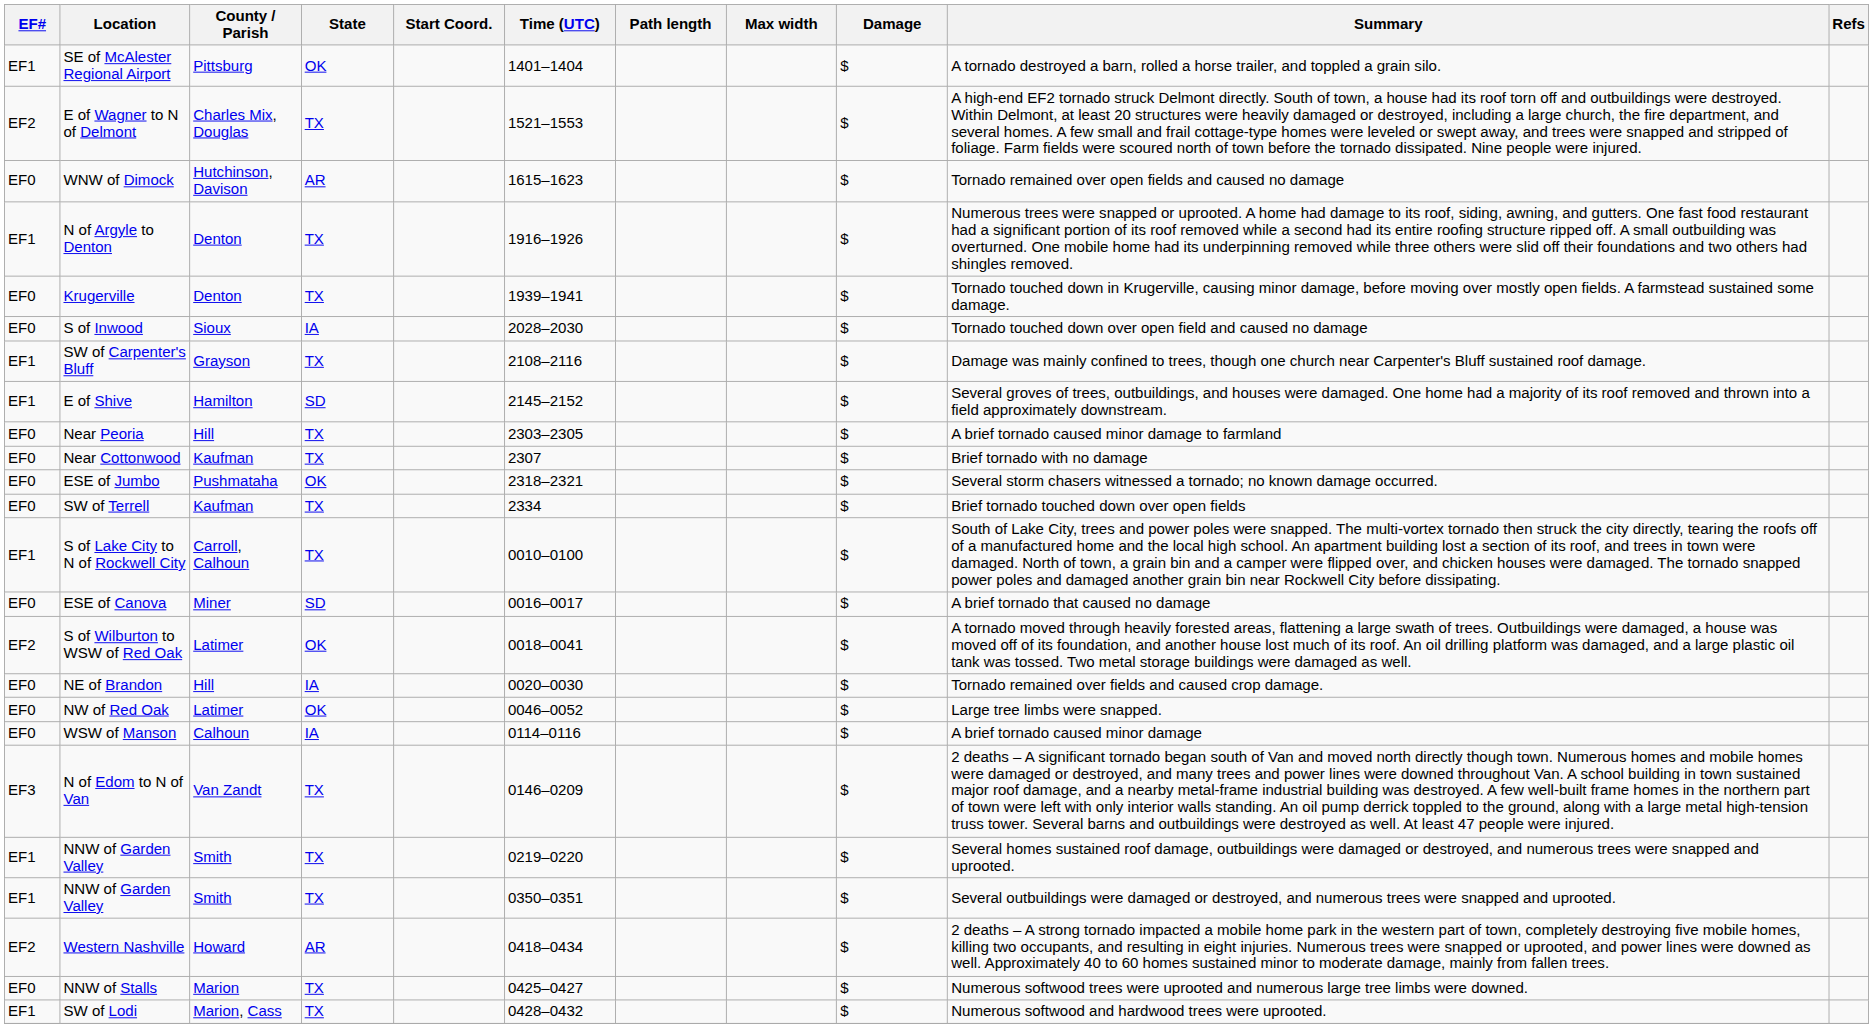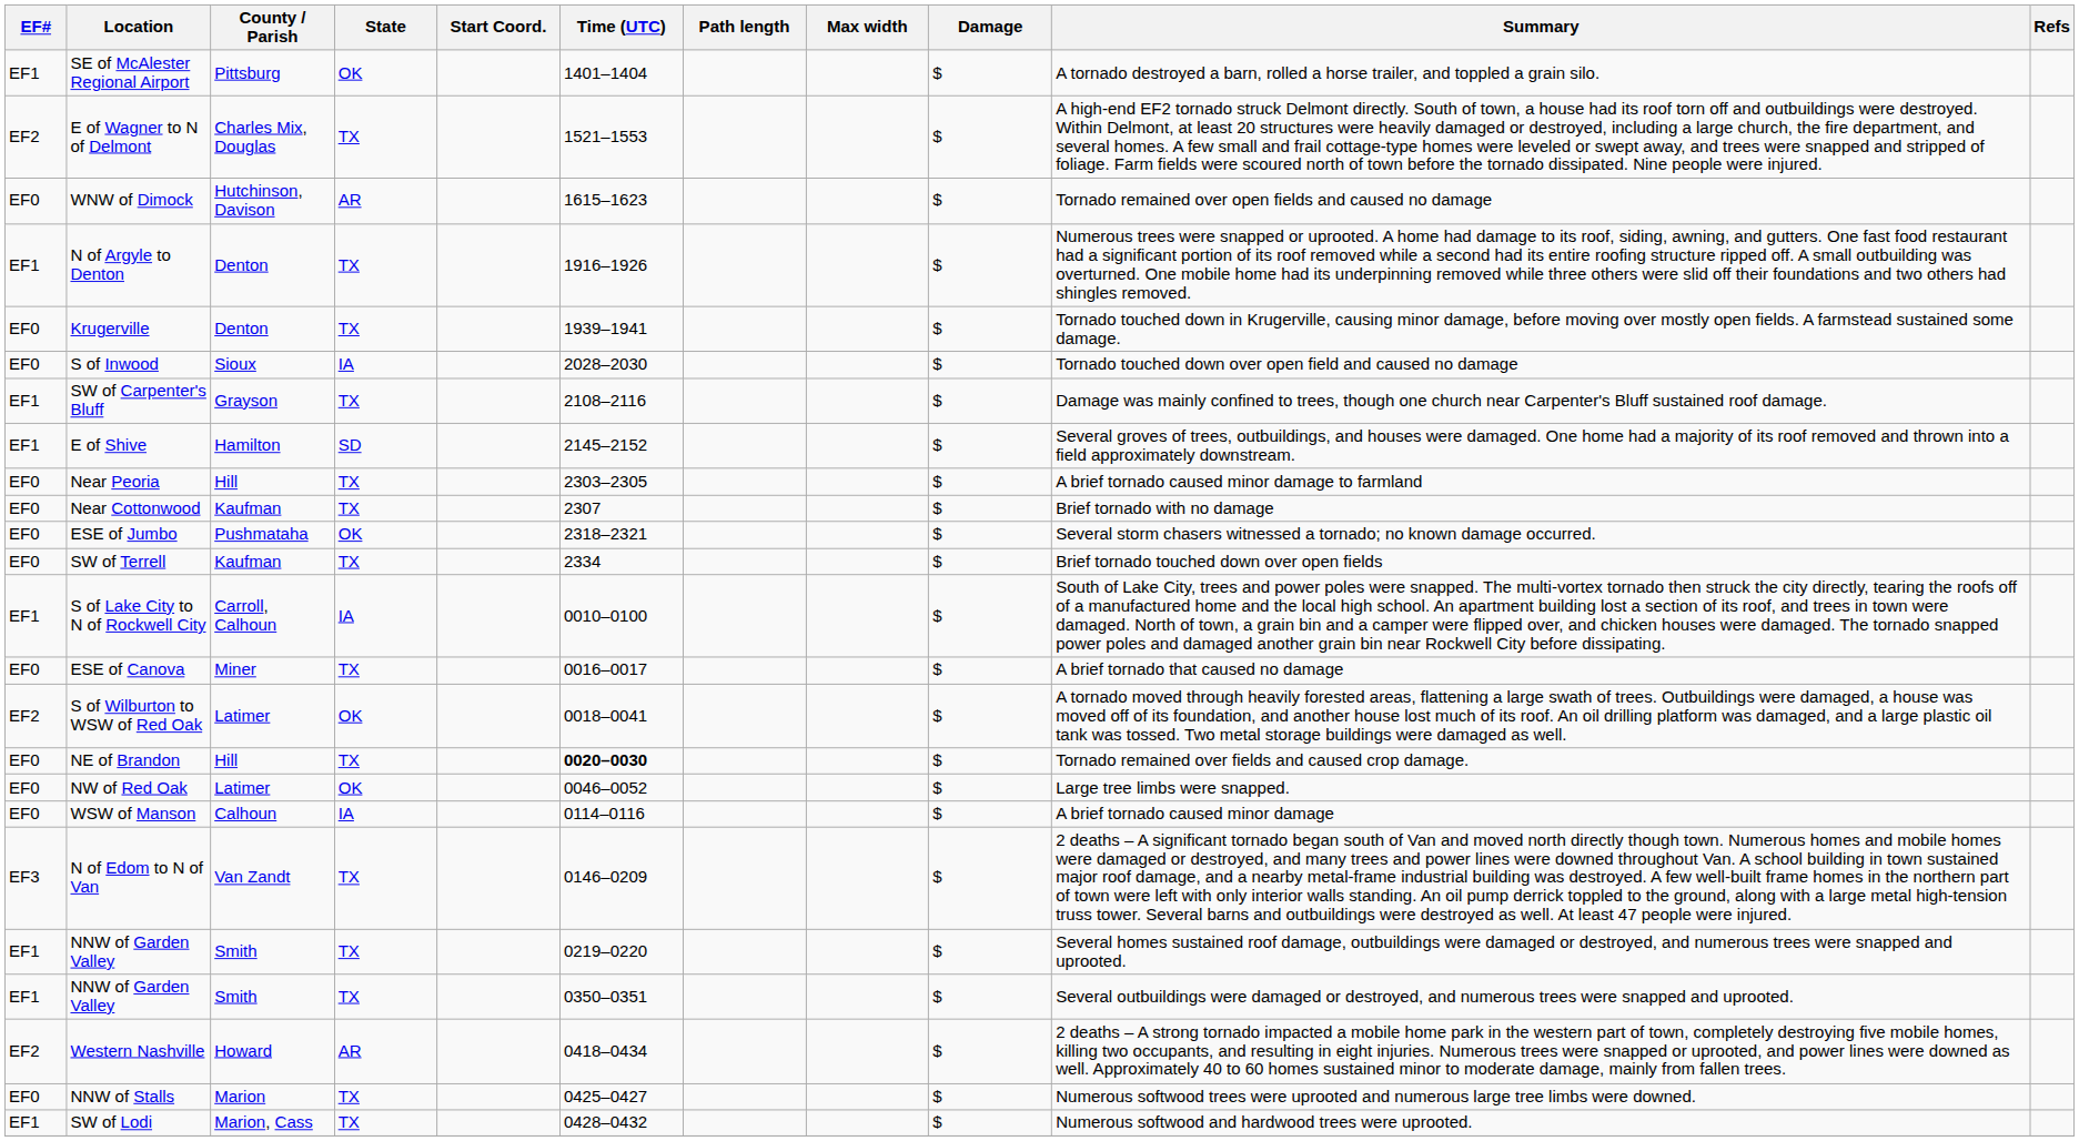 <table class="wikitable sortable" style="width:100%;">
 <tr>
 <th scope="col" width="3%" align="center"><a href='#'>EF#</a></th>
 <th scope="col" width="7%" align="center" class="unsortable">Location</th>
 <th scope="col" width="6%" align="center" class="unsortable">County / Parish</th>
 <th scope="col" width="5%" align="center">State</th>
 <th scope="col" width="6%" align="center">Start Coord.</th>
 <th scope="col" width="6%" align="center">Time (<a href='#'>UTC</a>)</th>
 <th scope="col" width="6%" align="center">Path length</th>
 <th scope="col" width="6%" align="center">Max width</th>
 <th scope="col" width="6%" align="center">Damage</th>
 <th scope="col" width="48%" class="unsortable" align="center">Summary</th>
 <th scope="col" width="48%" class="unsortable" align="center">Refs</th>
 </tr>
 <tr>
 <td>EF1</td>
 <td>SE of <a href='#'>McAlester Regional Airport</a></td>
 <td><a href='#'>Pittsburg</a></td>
 <td><a href='#'>OK</a></td>
 <td></td>
 <td>1401–1404</td>
 <td></td>
 <td></td>
 <td>$</td>
 <td>A tornado destroyed a barn, rolled a horse trailer, and toppled a grain silo.</td>
 <td></td>
 </tr>
 <tr>
 <td>EF2</td>
 <td>E of <a href='#'>Wagner</a> to N of <a href='#'>Delmont</a></td>
 <td><a href='#'>Charles Mix</a>, <a href='#'>Douglas</a></td>
 <td><a href='#'>TX</a></td>
 <td></td>
 <td>1521–1553</td>
 <td></td>
 <td></td>
 <td>$</td>
 <td>A high-end EF2 tornado struck Delmont directly. South of town, a house had its roof torn off and outbuildings were destroyed. Within Delmont, at least 20 structures were heavily damaged or destroyed, including a large church, the fire department, and several homes. A few small and frail cottage-type homes were leveled or swept away, and trees were snapped and stripped of foliage. Farm fields were scoured north of town before the tornado dissipated. Nine people were injured.</td>
 <td><br></td>
 </tr>
 <tr>
 <td>EF0</td>
 <td>WNW of <a href='#'>Dimock</a></td>
 <td><a href='#'>Hutchinson</a>, <a href='#'>Davison</a></td>
 <td><a href='#'>AR</a></td>
 <td></td>
 <td>1615–1623</td>
 <td></td>
 <td></td>
 <td>$</td>
 <td>Tornado remained over open fields and caused no damage</td>
 <td><br></td>
 </tr>
 <tr>
 <td>EF1</td>
 <td>N of <a href='#'>Argyle</a> to <a href='#'>Denton</a></td>
 <td><a href='#'>Denton</a></td>
 <td><a href='#'>TX</a></td>
 <td></td>
 <td>1916–1926</td>
 <td></td>
 <td></td>
 <td>$</td>
 <td>Numerous trees were snapped or uprooted. A home had damage to its roof, siding, awning, and gutters. One fast food restaurant had a significant portion of its roof removed while a second had its entire roofing structure ripped off. A small outbuilding was overturned. One mobile home had its underpinning removed while three others were slid off their foundations and two others had shingles removed.</td>
 <td><br></td>
 </tr>
 <tr>
 <td>EF0</td>
 <td><a href='#'>Krugerville</a></td>
 <td><a href='#'>Denton</a></td>
 <td><a href='#'>TX</a></td>
 <td></td>
 <td>1939–1941</td>
 <td></td>
 <td></td>
 <td>$</td>
 <td>Tornado touched down in Krugerville, causing minor damage, before moving over mostly open fields. A farmstead sustained some damage.</td>
 <td></td>
 </tr>
 <tr>
 <td>EF0</td>
 <td>S of <a href='#'>Inwood</a></td>
 <td><a href='#'>Sioux</a></td>
 <td><a href='#'>IA</a></td>
 <td></td>
 <td>2028–2030</td>
 <td></td>
 <td></td>
 <td>$</td>
 <td>Tornado touched down over open field and caused no damage</td>
 <td></td>
 </tr>
 <tr>
 <td>EF1</td>
 <td>SW of <a href='#'>Carpenter's Bluff</a></td>
 <td><a href='#'>Grayson</a></td>
 <td><a href='#'>TX</a></td>
 <td></td>
 <td>2108–2116</td>
 <td></td>
 <td></td>
 <td>$</td>
 <td>Damage was mainly confined to trees, though one church near Carpenter's Bluff sustained roof damage.</td>
 <td></td>
 </tr>
 <tr>
 <td>EF1</td>
 <td>E of <a href='#'>Shive</a></td>
 <td><a href='#'>Hamilton</a></td>
 <td><a href='#'>SD</a></td>
 <td></td>
 <td>2145–2152</td>
 <td></td>
 <td></td>
 <td>$</td>
 <td>Several groves of trees, outbuildings, and houses were damaged. One home had a majority of its roof removed and thrown into a field approximately  downstream.</td>
 <td></td>
 </tr>
 <tr>
 <td>EF0</td>
 <td>Near <a href='#'>Peoria</a></td>
 <td><a href='#'>Hill</a></td>
 <td><a href='#'>TX</a></td>
 <td></td>
 <td>2303–2305</td>
 <td></td>
 <td></td>
 <td>$</td>
 <td>A brief tornado caused minor damage to farmland</td>
 <td></td>
 </tr>
 <tr>
 <td>EF0</td>
 <td>Near <a href='#'>Cottonwood</a></td>
 <td><a href='#'>Kaufman</a></td>
 <td><a href='#'>TX</a></td>
 <td></td>
 <td>2307</td>
 <td></td>
 <td></td>
 <td>$</td>
 <td>Brief tornado with no damage</td>
 <td></td>
 </tr>
 <tr>
 <td>EF0</td>
 <td>ESE of <a href='#'>Jumbo</a></td>
 <td><a href='#'>Pushmataha</a></td>
 <td><a href='#'>OK</a></td>
 <td></td>
 <td>2318–2321</td>
 <td></td>
 <td></td>
 <td>$</td>
 <td>Several storm chasers witnessed a tornado; no known damage occurred.</td>
 <td></td>
 </tr>
 <tr>
 <td>EF0</td>
 <td>SW of <a href='#'>Terrell</a></td>
 <td><a href='#'>Kaufman</a></td>
 <td><a href='#'>TX</a></td>
 <td></td>
 <td>2334</td>
 <td></td>
 <td></td>
 <td>$</td>
 <td>Brief tornado touched down over open fields</td>
 <td></td>
 </tr>
 <tr>
 <td>EF1</td>
 <td>S of <a href='#'>Lake City</a> to N of <a href='#'>Rockwell City</a></td>
 <td><a href='#'>Carroll</a>, <a href='#'>Calhoun</a></td>
-<td><a href='#'>TX</a></td>
+<td><a href='#'>IA</a></td>
 <td></td>
 <td>0010–0100</td>
 <td></td>
 <td></td>
 <td>$</td>
 <td>South of Lake City, trees and power poles were snapped. The multi-vortex tornado then struck the city directly, tearing the roofs off of a manufactured home and the local high school. An apartment building lost a section of its roof, and trees in town were damaged. North of town, a grain bin and a camper were flipped over, and chicken houses were damaged. The tornado snapped power poles and damaged another grain bin near Rockwell City before dissipating.</td>
 <td><br></td>
 </tr>
 <tr>
 <td>EF0</td>
 <td>ESE of <a href='#'>Canova</a></td>
 <td><a href='#'>Miner</a></td>
-<td><a href='#'>SD</a></td>
+<td><a href='#'>TX</a></td>
 <td></td>
 <td>0016–0017</td>
 <td></td>
 <td></td>
 <td>$</td>
 <td>A brief tornado that caused no damage</td>
 <td></td>
 </tr>
 <tr>
 <td>EF2</td>
 <td>S of <a href='#'>Wilburton</a> to WSW of <a href='#'>Red Oak</a></td>
 <td><a href='#'>Latimer</a></td>
 <td><a href='#'>OK</a></td>
 <td></td>
 <td>0018–0041</td>
 <td></td>
 <td></td>
 <td>$</td>
 <td>A tornado moved through heavily forested areas, flattening a large swath of trees. Outbuildings were damaged, a house was moved off of its foundation, and another house lost much of its roof. An oil drilling platform was damaged, and a large plastic oil tank was tossed. Two metal storage buildings were damaged as well.</td>
 <td><br></td>
 </tr>
 <tr>
 <td>EF0</td>
 <td>NE of <a href='#'>Brandon</a></td>
 <td><a href='#'>Hill</a></td>
-<td><a href='#'>IA</a></td>
+<td><a href='#'>TX</a></td>
 <td></td>
-<td>0020–0030</td>
+<td><strong>0020–0030</strong></td>
 <td></td>
 <td></td>
 <td>$</td>
 <td>Tornado remained over fields and caused crop damage.</td>
 <td></td>
 </tr>
 <tr>
 <td>EF0</td>
 <td>NW of <a href='#'>Red Oak</a></td>
 <td><a href='#'>Latimer</a></td>
 <td><a href='#'>OK</a></td>
 <td></td>
 <td>0046–0052</td>
 <td></td>
 <td></td>
 <td>$</td>
 <td>Large tree limbs were snapped.</td>
 <td></td>
 </tr>
 <tr>
 <td>EF0</td>
 <td>WSW of <a href='#'>Manson</a></td>
 <td><a href='#'>Calhoun</a></td>
 <td><a href='#'>IA</a></td>
 <td></td>
 <td>0114–0116</td>
 <td></td>
 <td></td>
 <td>$</td>
 <td>A brief tornado caused minor damage</td>
 <td></td>
 </tr>
 <tr>
 <td>EF3</td>
 <td>N of <a href='#'>Edom</a> to N of <a href='#'>Van</a></td>
 <td><a href='#'>Van Zandt</a></td>
 <td><a href='#'>TX</a></td>
 <td></td>
 <td>0146–0209</td>
 <td></td>
 <td></td>
 <td>$</td>
 <td>2 deaths – A significant tornado began south of Van and moved north directly though town. Numerous homes and mobile homes were damaged or destroyed, and many trees and power lines were downed throughout Van. A school building in town sustained major roof damage, and a nearby metal-frame industrial building was destroyed. A few well-built frame homes in the northern part of town were left with only interior walls standing. An oil pump derrick toppled to the ground, along with a large metal high-tension truss tower. Several barns and outbuildings were destroyed as well. At least 47 people were injured.</td>
 <td><br></td>
 </tr>
 <tr>
 <td>EF1</td>
 <td>NNW of <a href='#'>Garden Valley</a></td>
 <td><a href='#'>Smith</a></td>
 <td><a href='#'>TX</a></td>
 <td></td>
 <td>0219–0220</td>
 <td></td>
 <td></td>
 <td>$</td>
 <td>Several homes sustained roof damage, outbuildings were damaged or destroyed, and numerous trees were snapped and uprooted.</td>
 <td></td>
 </tr>
 <tr>
 <td>EF1</td>
 <td>NNW of <a href='#'>Garden Valley</a></td>
 <td><a href='#'>Smith</a></td>
 <td><a href='#'>TX</a></td>
 <td></td>
 <td>0350–0351</td>
 <td></td>
 <td></td>
 <td>$</td>
 <td>Several outbuildings were damaged or destroyed, and numerous trees were snapped and uprooted.</td>
 <td></td>
 </tr>
 <tr>
 <td>EF2</td>
 <td><a href='#'>Western Nashville</a></td>
 <td><a href='#'>Howard</a></td>
 <td><a href='#'>AR</a></td>
 <td></td>
 <td>0418–0434</td>
 <td></td>
 <td></td>
 <td>$</td>
 <td>2 deaths – A strong tornado impacted a mobile home park in the western part of town, completely destroying five mobile homes, killing two occupants, and resulting in eight injuries. Numerous trees were snapped or uprooted, and power lines were downed as well. Approximately 40 to 60 homes sustained minor to moderate damage, mainly from fallen trees.</td>
 <td><br></td>
 </tr>
 <tr>
 <td>EF0</td>
 <td>NNW of <a href='#'>Stalls</a></td>
 <td><a href='#'>Marion</a></td>
 <td><a href='#'>TX</a></td>
 <td></td>
 <td>0425–0427</td>
 <td></td>
 <td></td>
 <td>$</td>
 <td>Numerous softwood trees were uprooted and numerous large tree limbs were downed.</td>
 <td><br></td>
 </tr>
 <tr>
 <td>EF1</td>
 <td>SW of <a href='#'>Lodi</a></td>
 <td><a href='#'>Marion</a>, <a href='#'>Cass</a></td>
 <td><a href='#'>TX</a></td>
 <td></td>
 <td>0428–0432</td>
 <td></td>
 <td></td>
 <td>$</td>
 <td>Numerous softwood and hardwood trees were uprooted.</td>
 <td><br></td>
 </tr>
 <tr>
 </tr>
 </table>
